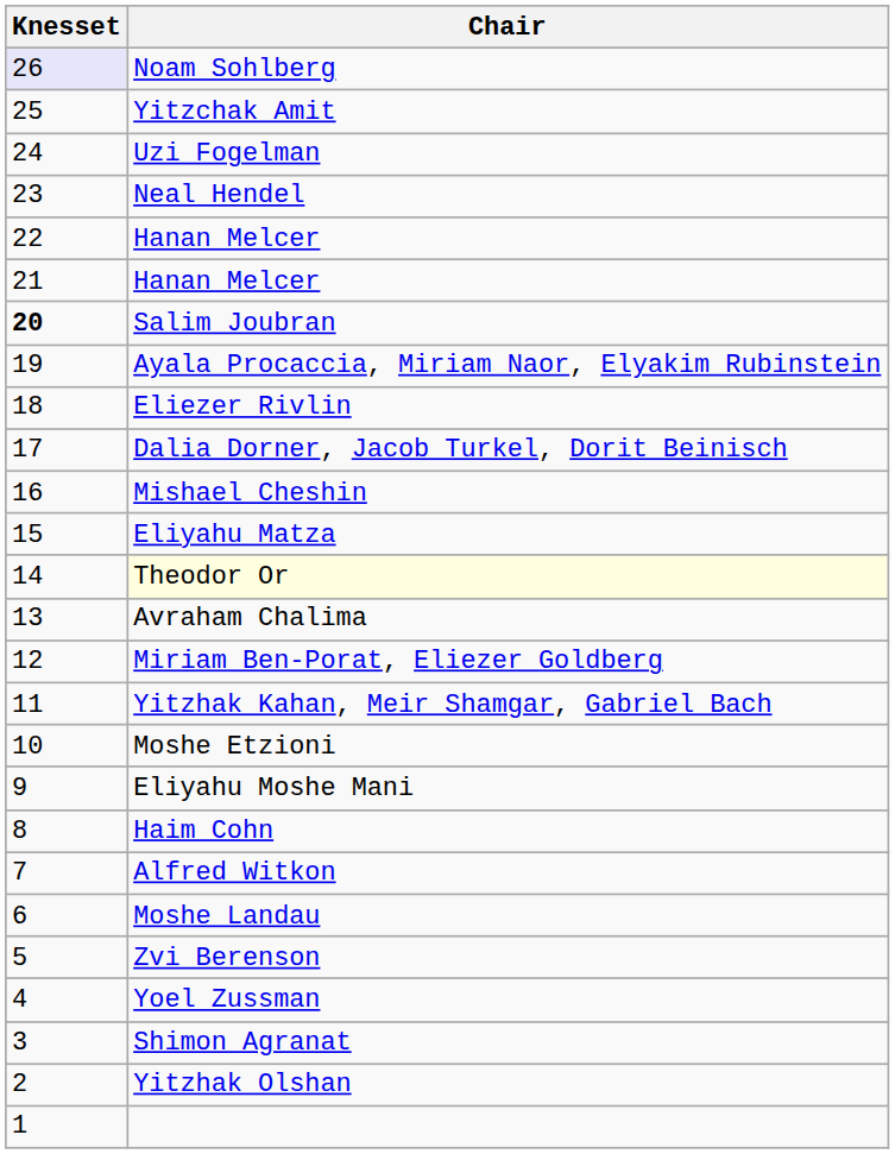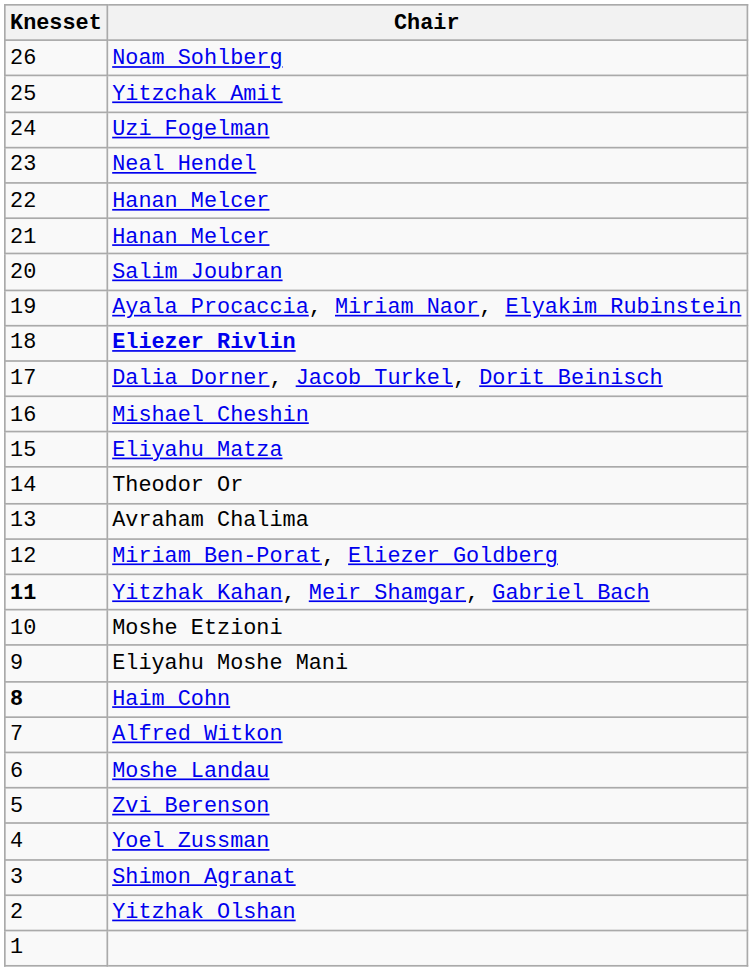 <table class="wikitable">
 <tr>
 <th>Knesset</th>
 <th>Chair</th>
 </tr>
 <tr>
-<td style="background: lavender;">26</td>
+<td>26</td>
 <td><a href='#'>Noam Sohlberg</a></td>
 </tr>
 <tr>
 <td>25</td>
 <td><a href='#'>Yitzchak Amit</a></td>
 </tr>
 <tr>
 <td>24</td>
 <td><a href='#'>Uzi Fogelman</a></td>
 </tr>
 <tr>
 <td>23</td>
 <td><a href='#'>Neal Hendel</a></td>
 </tr>
 <tr>
 <td>22</td>
 <td><a href='#'>Hanan Melcer</a></td>
 </tr>
 <tr>
 <td>21</td>
 <td><a href='#'>Hanan Melcer</a></td>
 </tr>
 <tr>
-<td><strong>20</strong></td>
+<td>20</td>
 <td><a href='#'>Salim Joubran</a></td>
 </tr>
 <tr>
 <td>19</td>
 <td><a href='#'>Ayala Procaccia</a>, <a href='#'>Miriam Naor</a>, <a href='#'>Elyakim Rubinstein</a></td>
 </tr>
 <tr>
 <td>18</td>
-<td><a href='#'>Eliezer Rivlin</a></td>
+<td><strong><a href='#'>Eliezer Rivlin</a></strong></td>
 </tr>
 <tr>
 <td>17</td>
 <td><a href='#'>Dalia Dorner</a>, <a href='#'>Jacob Turkel</a>, <a href='#'>Dorit Beinisch</a></td>
 </tr>
 <tr>
 <td>16</td>
 <td><a href='#'>Mishael Cheshin</a></td>
 </tr>
 <tr>
 <td>15</td>
 <td><a href='#'>Eliyahu Matza</a></td>
 </tr>
 <tr>
 <td>14</td>
-<td style="background: lightyellow;">Theodor Or</td>
+<td>Theodor Or</td>
 </tr>
 <tr>
 <td>13</td>
 <td>Avraham Chalima</td>
 </tr>
 <tr>
 <td>12</td>
 <td><a href='#'>Miriam Ben-Porat</a>, <a href='#'>Eliezer Goldberg</a></td>
 </tr>
 <tr>
-<td>11</td>
+<td><strong>11</strong></td>
 <td><a href='#'>Yitzhak Kahan</a>, <a href='#'>Meir Shamgar</a>, <a href='#'>Gabriel Bach</a></td>
 </tr>
 <tr>
 <td>10</td>
 <td>Moshe Etzioni</td>
 </tr>
 <tr>
 <td>9</td>
 <td>Eliyahu Moshe Mani</td>
 </tr>
 <tr>
-<td>8</td>
+<td><strong>8</strong></td>
 <td><a href='#'>Haim Cohn</a></td>
 </tr>
 <tr>
 <td>7</td>
 <td><a href='#'>Alfred Witkon</a></td>
 </tr>
 <tr>
 <td>6</td>
 <td><a href='#'>Moshe Landau</a></td>
 </tr>
 <tr>
 <td>5</td>
 <td><a href='#'>Zvi Berenson</a></td>
 </tr>
 <tr>
 <td>4</td>
 <td><a href='#'>Yoel Zussman</a></td>
 </tr>
 <tr>
 <td>3</td>
 <td><a href='#'>Shimon Agranat</a></td>
 </tr>
 <tr>
 <td>2</td>
 <td><a href='#'>Yitzhak Olshan</a></td>
 </tr>
 <tr>
 <td>1</td>
 <td></td>
 </tr>
 </table>
